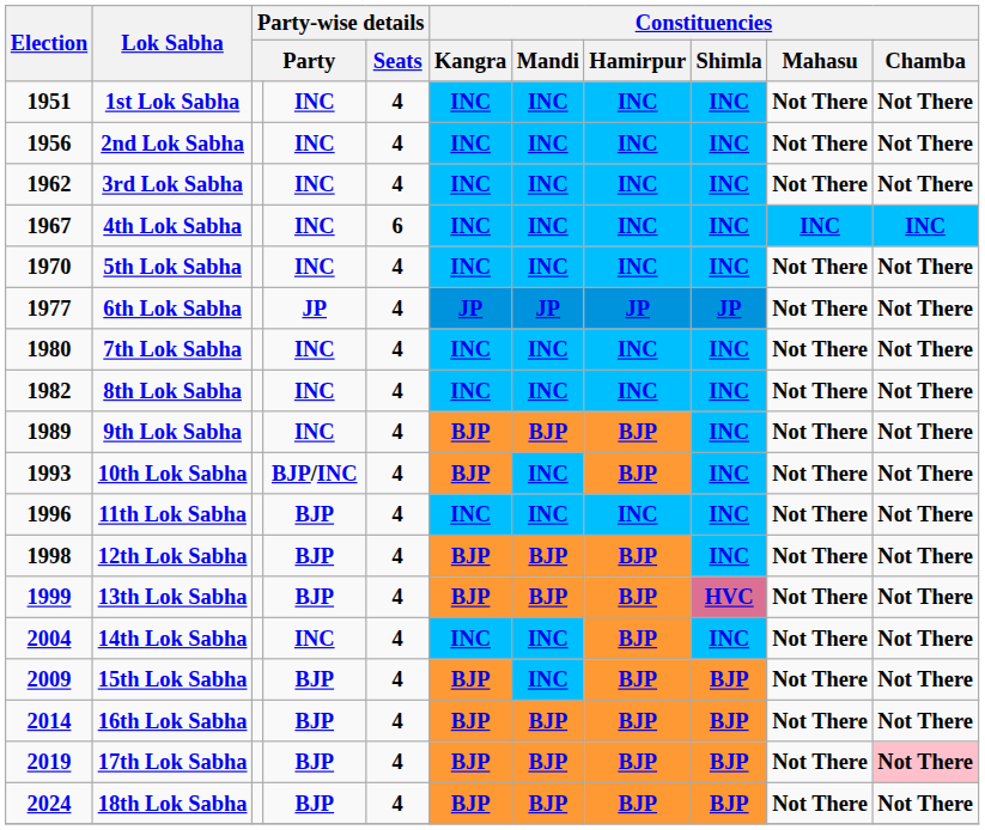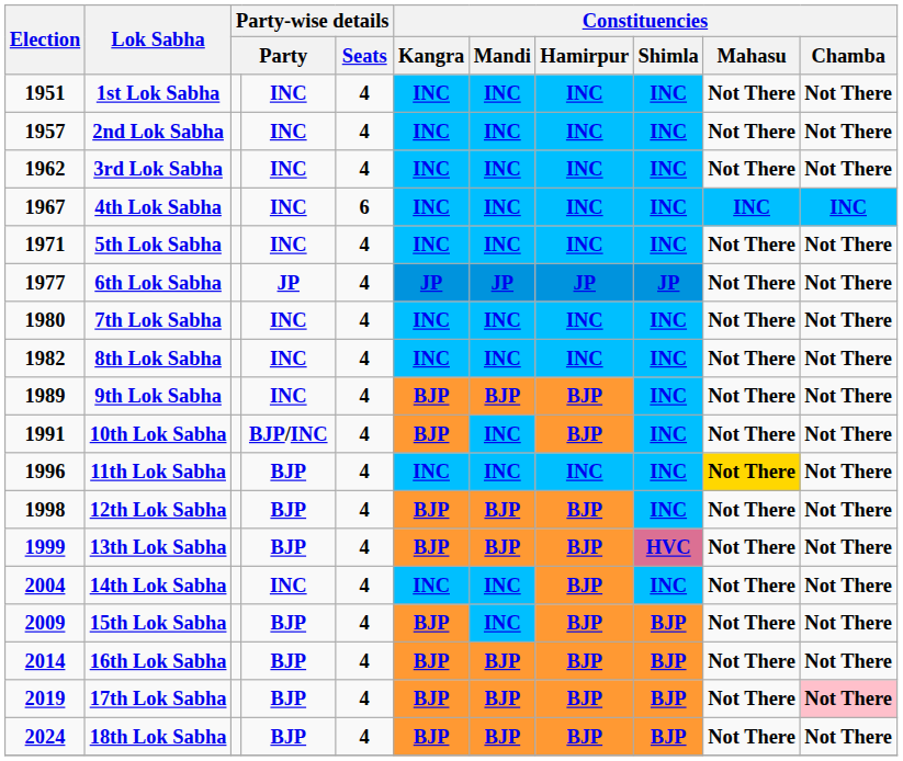 <table class="wikitable sortable">
 <tr>
 <th rowspan="2"><a href='#'>Election</a></th>
 <th rowspan="2"><a href='#'>Lok Sabha</a></th>
 <th colspan="3">Party-wise details</th>
 <th colspan="6"><a href='#'>Constituencies</a></th>
 </tr>
 <tr style="text-align:center; height:30px;">
 <th colspan="2">Party</th>
 <th><a href='#'>Seats</a></th>
 <th>Kangra</th>
 <th>Mandi</th>
 <th>Hamirpur</th>
 <th>Shimla</th>
 <th>Mahasu</th>
 <th>Chamba</th>
 </tr>
 <tr style="text-align:center; height:30px;">
 <td><strong>1951</strong></td>
 <td><strong><a href='#'>1st Lok Sabha</a></strong></td>
 <td style="background-color: "></td>
 <td><a href='#'><strong>INC</strong></a></td>
 <td><strong>4</strong></td>
 <td bgcolor="#00BFFF"><a href='#'><strong>INC</strong></a></td>
 <td bgcolor="#00BFFF"><a href='#'><strong>INC</strong></a></td>
 <td bgcolor="#00BFFF"><a href='#'><strong>INC</strong></a></td>
 <td bgcolor="#00BFFF"><a href='#'><strong>INC</strong></a></td>
 <td><strong>Not There</strong></td>
 <td><strong>Not There</strong></td>
 </tr>
 <tr style="text-align:center; height:30px;">
-<td><strong>1956</strong></td>
+<td><strong>1957</strong></td>
 <td><strong><a href='#'>2nd Lok Sabha</a></strong></td>
 <td style="background-color: "></td>
 <td><a href='#'><strong>INC</strong></a></td>
 <td><strong>4</strong></td>
 <td bgcolor="#00BFFF"><a href='#'><strong>INC</strong></a></td>
 <td bgcolor="#00BFFF"><a href='#'><strong>INC</strong></a></td>
 <td bgcolor="#00BFFF"><a href='#'><strong>INC</strong></a></td>
 <td bgcolor="#00BFFF"><a href='#'><strong>INC</strong></a></td>
 <td><strong>Not There</strong></td>
 <td><strong>Not There</strong></td>
 </tr>
 <tr style="text-align:center; height:30px;">
 <td><strong>1962</strong></td>
 <td><strong><a href='#'>3rd Lok Sabha</a></strong></td>
 <td style="background-color: "></td>
 <td><a href='#'><strong>INC</strong></a></td>
 <td><strong>4</strong></td>
 <td bgcolor="#00BFFF"><a href='#'><strong>INC</strong></a></td>
 <td bgcolor="#00BFFF"><a href='#'><strong>INC</strong></a></td>
 <td bgcolor="#00BFFF"><a href='#'><strong>INC</strong></a></td>
 <td bgcolor="#00BFFF"><a href='#'><strong>INC</strong></a></td>
 <td><strong>Not There</strong></td>
 <td><strong>Not There</strong></td>
 </tr>
 <tr style="text-align:center; height:30px;">
 <td><strong>1967</strong></td>
 <td><strong><a href='#'>4th Lok Sabha</a></strong></td>
 <td style="background-color: "></td>
 <td><a href='#'><strong>INC</strong></a></td>
 <td><strong>6</strong></td>
 <td bgcolor="#00BFFF"><a href='#'><strong>INC</strong></a></td>
 <td bgcolor="#00BFFF"><a href='#'><strong>INC</strong></a></td>
 <td bgcolor="#00BFFF"><a href='#'><strong>INC</strong></a></td>
 <td bgcolor="#00BFFF"><a href='#'><strong>INC</strong></a></td>
 <td bgcolor="#00BFFF"><a href='#'><strong>INC</strong></a></td>
 <td bgcolor="#00BFFF"><a href='#'><strong>INC</strong></a></td>
 </tr>
 <tr style="text-align:center; height:30px;">
-<td><strong>1970</strong></td>
+<td><strong>1971</strong></td>
 <td><strong><a href='#'>5th Lok Sabha</a></strong></td>
 <td style="background-color: "></td>
 <td><a href='#'><strong>INC</strong></a></td>
 <td><strong>4</strong></td>
 <td bgcolor=#00BFFF><a href='#'><strong>INC</strong></a></td>
 <td bgcolor=#00BFFF><a href='#'><strong>INC</strong></a></td>
 <td bgcolor=#00BFFF><a href='#'><strong>INC</strong></a></td>
 <td bgcolor=#00BFFF><a href='#'><strong>INC</strong></a></td>
 <td><strong>Not There</strong></td>
 <td><strong>Not There</strong></td>
 </tr>
 <tr style="text-align:center; height:30px;">
 <td><strong>1977</strong></td>
 <td><strong><a href='#'>6th Lok Sabha</a></strong></td>
 <td style="background-color: "></td>
 <td><a href='#'><strong>JP</strong></a></td>
 <td><strong>4</strong></td>
 <td bgcolor=#0093DD><a href='#'><strong>JP</strong></a></td>
 <td bgcolor=#0093DD><a href='#'><strong>JP</strong></a></td>
 <td bgcolor=#0093DD><a href='#'><strong>JP</strong></a></td>
 <td bgcolor=#0093DD><a href='#'><strong>JP</strong></a></td>
 <td><strong>Not There</strong></td>
 <td><strong>Not There</strong></td>
 </tr>
 <tr style="text-align:center; height:30px;">
 <td><strong>1980</strong></td>
 <td><strong><a href='#'>7th Lok Sabha</a></strong></td>
 <td style="background-color: "></td>
 <td><a href='#'><strong>INC</strong></a></td>
 <td><strong>4</strong></td>
 <td bgcolor=#00BFFF><a href='#'><strong>INC</strong></a></td>
 <td bgcolor=#00BFFF><a href='#'><strong>INC</strong></a></td>
 <td bgcolor=#00BFFF><a href='#'><strong>INC</strong></a></td>
 <td bgcolor=#00BFFF><a href='#'><strong>INC</strong></a></td>
 <td><strong>Not There</strong></td>
 <td><strong>Not There</strong></td>
 </tr>
 <tr style="text-align:center; height:30px;">
 <td><strong>1982</strong></td>
 <td><strong><a href='#'>8th Lok Sabha</a></strong></td>
 <td style="background-color: "></td>
 <td><a href='#'><strong>INC</strong></a></td>
 <td><strong>4</strong></td>
 <td bgcolor=#00BFFF><a href='#'><strong>INC</strong></a></td>
 <td bgcolor=#00BFFF><a href='#'><strong>INC</strong></a></td>
 <td bgcolor=#00BFFF><a href='#'><strong>INC</strong></a></td>
 <td bgcolor=#00BFFF><a href='#'><strong>INC</strong></a></td>
 <td><strong>Not There</strong></td>
 <td><strong>Not There</strong></td>
 </tr>
 <tr style="text-align:center; height:30px;">
 <td><strong>1989</strong></td>
 <td><strong><a href='#'>9th Lok Sabha</a></strong></td>
 <td style="background-color: "></td>
 <td><a href='#'><strong>INC</strong></a></td>
 <td><strong>4</strong></td>
 <td bgcolor=#FF9933><a href='#'><strong>BJP</strong></a></td>
 <td bgcolor=#FF9933><a href='#'><strong>BJP</strong></a></td>
 <td bgcolor=#FF9933><a href='#'><strong>BJP</strong></a></td>
 <td bgcolor=#00BFFF><a href='#'><strong>INC</strong></a></td>
 <td><strong>Not There</strong></td>
 <td><strong>Not There</strong></td>
 </tr>
 <tr style="text-align:center; height:30px;">
-<td><strong>1993</strong></td>
+<td><strong>1991</strong></td>
 <td><strong><a href='#'>10th Lok Sabha</a></strong></td>
 <td style="background-color: "></td>
 <td><a href='#'><strong>BJP</strong></a><strong>/<a href='#'>INC</a></strong></td>
 <td><strong>4</strong></td>
 <td bgcolor=#FF9933><a href='#'><strong>BJP</strong></a></td>
 <td bgcolor=#00BFFF><a href='#'><strong>INC</strong></a></td>
 <td bgcolor=#FF9933><a href='#'><strong>BJP</strong></a></td>
 <td bgcolor=#00BFFF><a href='#'><strong>INC</strong></a></td>
 <td><strong>Not There</strong></td>
 <td><strong>Not There</strong></td>
 </tr>
 <tr style="text-align:center; height:30px;">
 <td><strong>1996</strong></td>
 <td><strong><a href='#'>11th Lok Sabha</a></strong></td>
 <td style="background-color: "></td>
 <td><a href='#'><strong>BJP</strong></a></td>
 <td><strong>4</strong></td>
 <td bgcolor=#00BFFF><a href='#'><strong>INC</strong></a></td>
 <td bgcolor=#00BFFF><a href='#'><strong>INC</strong></a></td>
 <td bgcolor=#00BFFF><a href='#'><strong>INC</strong></a></td>
 <td bgcolor=#00BFFF><a href='#'><strong>INC</strong></a></td>
-<td><strong>Not There</strong></td>
+<td style="background: gold;"><strong>Not There</strong></td>
 <td><strong>Not There</strong></td>
 </tr>
 <tr style="text-align:center; height:30px;">
 <td><strong>1998</strong></td>
 <td><strong><a href='#'>12th Lok Sabha</a></strong></td>
 <td style="background-color: "></td>
 <td><a href='#'><strong>BJP</strong></a></td>
 <td><strong>4</strong></td>
 <td bgcolor=#FF9933><a href='#'><strong>BJP</strong></a></td>
 <td bgcolor=#FF9933><a href='#'><strong>BJP</strong></a></td>
 <td bgcolor=#FF9933><a href='#'><strong>BJP</strong></a></td>
 <td bgcolor=#00BFFF><a href='#'><strong>INC</strong></a></td>
 <td><strong>Not There</strong></td>
 <td><strong>Not There</strong></td>
 </tr>
 <tr style="text-align:center; height:30px;">
 <td><a href='#'><strong>1999</strong></a></td>
 <td><strong><a href='#'>13th Lok Sabha</a></strong></td>
 <td style="background-color: "></td>
 <td><a href='#'><strong>BJP</strong></a></td>
 <td><strong>4</strong></td>
 <td bgcolor=#FF9933><a href='#'><strong>BJP</strong></a></td>
 <td bgcolor=#FF9933><a href='#'><strong>BJP</strong></a></td>
 <td bgcolor=#FF9933><a href='#'><strong>BJP</strong></a></td>
 <td bgcolor=#DB7093><a href='#'><strong>HVC</strong></a></td>
 <td><strong>Not There</strong></td>
 <td><strong>Not There</strong></td>
 </tr>
 <tr style="text-align:center; height:30px;">
 <td><a href='#'><strong>2004</strong></a></td>
 <td><strong><a href='#'>14th Lok Sabha</a></strong></td>
 <td style="background-color: "></td>
 <td><a href='#'><strong>INC</strong></a></td>
 <td><strong>4</strong></td>
 <td bgcolor=#00BFFF><a href='#'><strong>INC</strong></a></td>
 <td bgcolor=#00BFFF><a href='#'><strong>INC</strong></a></td>
 <td bgcolor=#FF9933><a href='#'><strong>BJP</strong></a></td>
 <td bgcolor=#00BFFF><a href='#'><strong>INC</strong></a></td>
 <td><strong>Not There</strong></td>
 <td><strong>Not There</strong></td>
 </tr>
 <tr style="text-align:center; height:30px;">
 <td><a href='#'><strong>2009</strong></a></td>
 <td><strong><a href='#'>15th Lok Sabha</a></strong></td>
 <td style="background-color: "></td>
 <td><a href='#'><strong>BJP</strong></a></td>
 <td><strong>4</strong></td>
 <td bgcolor=#FF9933><a href='#'><strong>BJP</strong></a></td>
 <td bgcolor=#00BFFF><a href='#'><strong>INC</strong></a></td>
 <td bgcolor=#FF9933><a href='#'><strong>BJP</strong></a></td>
 <td bgcolor=#FF9933><a href='#'><strong>BJP</strong></a></td>
 <td><strong>Not There</strong></td>
 <td><strong>Not There</strong></td>
 </tr>
 <tr style="text-align:center; height:30px;">
 <td><a href='#'><strong>2014</strong></a></td>
 <td><strong><a href='#'>16th Lok Sabha</a></strong></td>
 <td style="background-color: "></td>
 <td><a href='#'><strong>BJP</strong></a></td>
 <td><strong>4</strong></td>
 <td bgcolor=#FF9933><a href='#'><strong>BJP</strong></a></td>
 <td bgcolor=#FF9933><a href='#'><strong>BJP</strong></a></td>
 <td bgcolor=#FF9933><a href='#'><strong>BJP</strong></a></td>
 <td bgcolor=#FF9933><a href='#'><strong>BJP</strong></a></td>
 <td><strong>Not There</strong></td>
 <td><strong>Not There</strong></td>
 </tr>
 <tr style="text-align:center; height:30px;">
 <td><a href='#'><strong>2019</strong></a></td>
 <td><strong><a href='#'>17th Lok Sabha</a></strong></td>
 <td style="background-color: "></td>
 <td><a href='#'><strong>BJP</strong></a></td>
 <td><strong>4</strong></td>
 <td bgcolor=#FF9933><a href='#'><strong>BJP</strong></a></td>
 <td bgcolor=#FF9933><a href='#'><strong>BJP</strong></a></td>
 <td bgcolor=#FF9933><a href='#'><strong>BJP</strong></a></td>
 <td bgcolor=#FF9933><a href='#'><strong>BJP</strong></a></td>
 <td><strong>Not There</strong></td>
 <td style="background: pink;"><strong>Not There</strong></td>
 </tr>
 <tr style="text-align:center; height:30px;">
 <td><a href='#'><strong>2024</strong></a></td>
 <td><strong><a href='#'>18th Lok Sabha</a></strong></td>
 <td style="background-color: "></td>
 <td><a href='#'><strong>BJP</strong></a></td>
 <td><strong>4</strong></td>
 <td bgcolor=#FF9933><a href='#'><strong>BJP</strong></a></td>
 <td bgcolor=#FF9933><a href='#'><strong>BJP</strong></a></td>
 <td bgcolor=#FF9933><a href='#'><strong>BJP</strong></a></td>
 <td bgcolor=#FF9933><a href='#'><strong>BJP</strong></a></td>
 <td><strong>Not There</strong></td>
 <td><strong>Not There</strong></td>
 </tr>
 <tr>
 </tr>
 </table>
